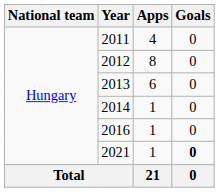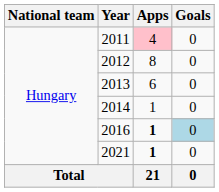 <table class=wikitable style="text-align: center;">
 <tr>
 <th>National team</th>
 <th>Year</th>
 <th>Apps</th>
 <th>Goals</th>
 </tr>
 <tr>
 <td rowspan="6"><a href='#'>Hungary</a></td>
 <td>2011</td>
-<td>4</td>
+<td style="background: pink;">4</td>
 <td>0</td>
 </tr>
 <tr>
 <td>2012</td>
 <td>8</td>
 <td>0</td>
 </tr>
 <tr>
 <td>2013</td>
 <td>6</td>
 <td>0</td>
 </tr>
 <tr>
 <td>2014</td>
 <td>1</td>
 <td>0</td>
 </tr>
 <tr>
 <td>2016</td>
-<td>1</td>
-<td>0</td>
+<td><strong>1</strong></td>
+<td style="background: lightblue;">0</td>
 </tr>
 <tr>
 <td>2021</td>
-<td>1</td>
-<td><strong>0</strong></td>
+<td><strong>1</strong></td>
+<td>0</td>
 </tr>
 <tr>
 <th colspan=2>Total</th>
 <th>21</th>
 <th>0</th>
 </tr>
 </table>
